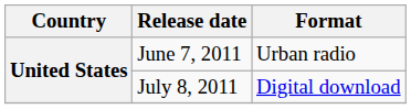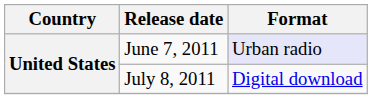 <table class="wikitable plainrowheaders">
 <tr>
 <th scope="col">Country</th>
 <th scope="col">Release date</th>
 <th scope="col">Format</th>
 </tr>
 <tr>
 <th scope="row" rowspan="2">United States</th>
 <td>June 7, 2011</td>
-<td>Urban radio</td>
+<td style="background: lavender;">Urban radio</td>
 </tr>
 <tr>
 <td>July 8, 2011</td>
 <td><a href='#'>Digital download</a></td>
 </tr>
 <tr>
 </tr>
 </table>
